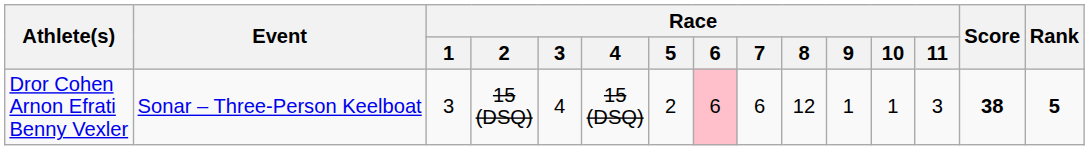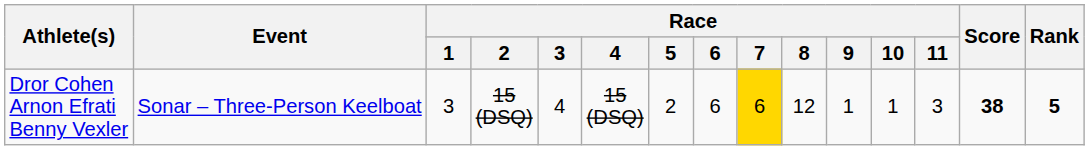 <table class=wikitable style="font-size:90%">
 <tr>
 <th rowspan="2">Athlete(s)</th>
 <th rowspan="2">Event</th>
 <th colspan="11">Race</th>
 <th rowspan="2">Score</th>
 <th rowspan="2">Rank</th>
 </tr>
 <tr>
 <th width="25">1</th>
 <th width="25">2</th>
 <th width="25">3</th>
 <th width="25">4</th>
 <th width="25">5</th>
 <th width="25">6</th>
 <th width="25">7</th>
 <th width="25">8</th>
 <th width="25">9</th>
 <th width="25">10</th>
 <th width="25">11</th>
 </tr>
 <tr>
 <td><a href='#'>Dror Cohen</a><br><a href='#'>Arnon Efrati</a><br><a href='#'>Benny Vexler</a></td>
 <td><a href='#'>Sonar – Three-Person Keelboat</a></td>
 <td align="center">3</td>
 <td align="center"><s>15</s><br><s>(DSQ)</s></td>
 <td align="center">4</td>
 <td align="center"><s>15</s><br><s>(DSQ)</s></td>
 <td align="center">2</td>
-<td align="center" style="background: pink;">6</td>
 <td align="center">6</td>
+<td align="center" style="background: gold;">6</td>
 <td align="center">12</td>
 <td align="center">1</td>
 <td align="center">1</td>
 <td align="center">3</td>
 <td align="center"><strong>38</strong></td>
 <td align="center"><strong>5</strong></td>
 </tr>
 </table>
